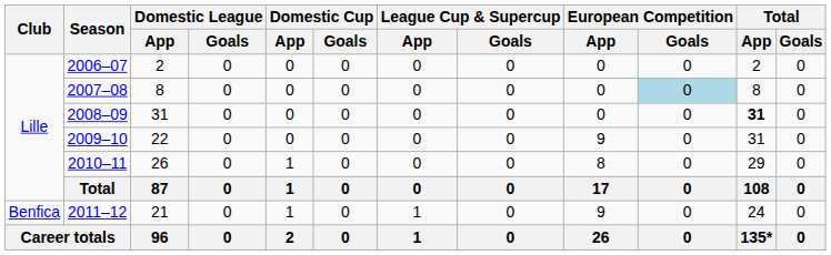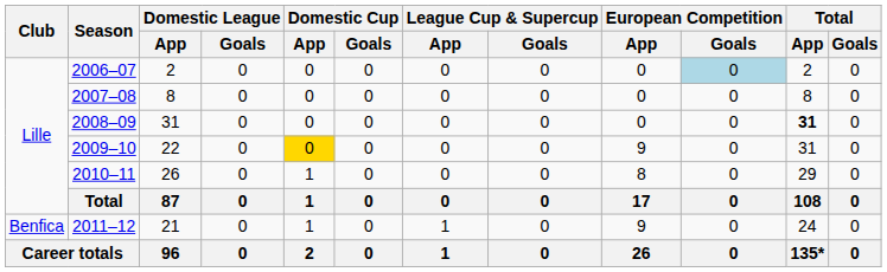 <table class="wikitable" style="text-align: center;">
 <tr>
 <th rowspan="2">Club</th>
 <th rowspan="2">Season</th>
 <th colspan="2">Domestic League</th>
 <th colspan="2">Domestic Cup</th>
 <th colspan="2">League Cup & Supercup</th>
 <th colspan="2">European Competition</th>
 <th colspan="2">Total</th>
 </tr>
 <tr>
 <th>App</th>
 <th>Goals</th>
 <th>App</th>
 <th>Goals</th>
 <th>App</th>
 <th>Goals</th>
 <th>App</th>
 <th>Goals</th>
 <th>App</th>
 <th>Goals</th>
 </tr>
 <tr>
 <td rowspan="6" align=center valign=center><a href='#'>Lille</a></td>
 <td><a href='#'>2006–07</a></td>
 <td>2</td>
 <td>0</td>
 <td>0</td>
 <td>0</td>
 <td>0</td>
 <td>0</td>
 <td>0</td>
-<td>0</td>
+<td style="background: lightblue;">0</td>
 <td>2</td>
 <td>0</td>
 </tr>
 <tr>
 <td><a href='#'>2007–08</a></td>
 <td>8</td>
 <td>0</td>
 <td>0</td>
 <td>0</td>
 <td>0</td>
 <td>0</td>
 <td>0</td>
-<td style="background: lightblue;">0</td>
+<td>0</td>
 <td>8</td>
 <td>0</td>
 </tr>
 <tr>
 <td align="center"><a href='#'>2008–09</a></td>
 <td>31</td>
 <td>0</td>
 <td>0</td>
 <td>0</td>
 <td>0</td>
 <td>0</td>
 <td>0</td>
 <td>0</td>
 <td><strong>31</strong></td>
 <td>0</td>
 </tr>
 <tr>
 <td><a href='#'>2009–10</a></td>
 <td>22</td>
 <td>0</td>
-<td>0</td>
+<td style="background: gold;">0</td>
 <td>0</td>
 <td>0</td>
 <td>0</td>
 <td>9</td>
 <td>0</td>
 <td>31</td>
 <td>0</td>
 </tr>
 <tr>
 <td><a href='#'>2010–11</a></td>
 <td>26</td>
 <td>0</td>
 <td>1</td>
 <td>0</td>
 <td>0</td>
 <td>0</td>
 <td>8</td>
 <td>0</td>
 <td>29</td>
 <td>0</td>
 </tr>
 <tr>
 <th>Total</th>
 <th>87</th>
 <th>0</th>
 <th>1</th>
 <th>0</th>
 <th>0</th>
 <th>0</th>
 <th>17</th>
 <th>0</th>
 <th>108</th>
 <th>0</th>
 </tr>
 <tr>
 <td><a href='#'>Benfica</a></td>
 <td><a href='#'>2011–12</a></td>
 <td>21</td>
 <td>0</td>
 <td>1</td>
 <td>0</td>
 <td>1</td>
 <td>0</td>
 <td>9</td>
 <td>0</td>
 <td>24</td>
 <td>0</td>
 </tr>
 <tr>
 <th colspan="2">Career totals</th>
 <th>96</th>
 <th>0</th>
 <th>2</th>
 <th>0</th>
 <th>1</th>
 <th>0</th>
 <th>26</th>
 <th>0</th>
 <th>135*</th>
 <th>0</th>
 </tr>
 </table>
